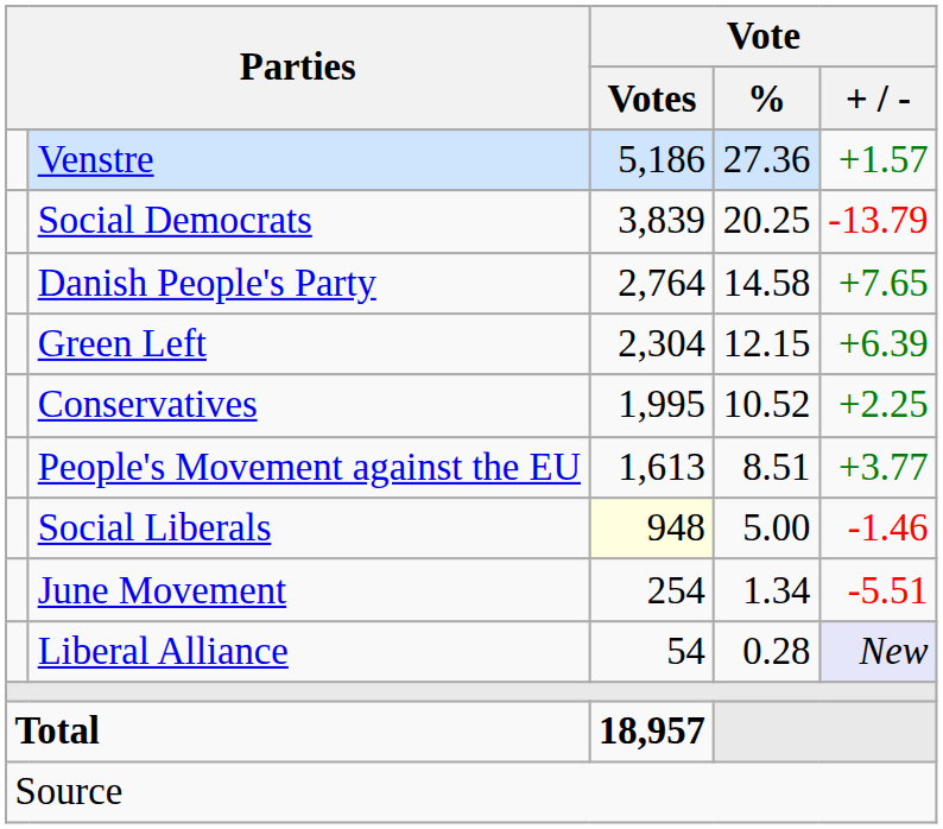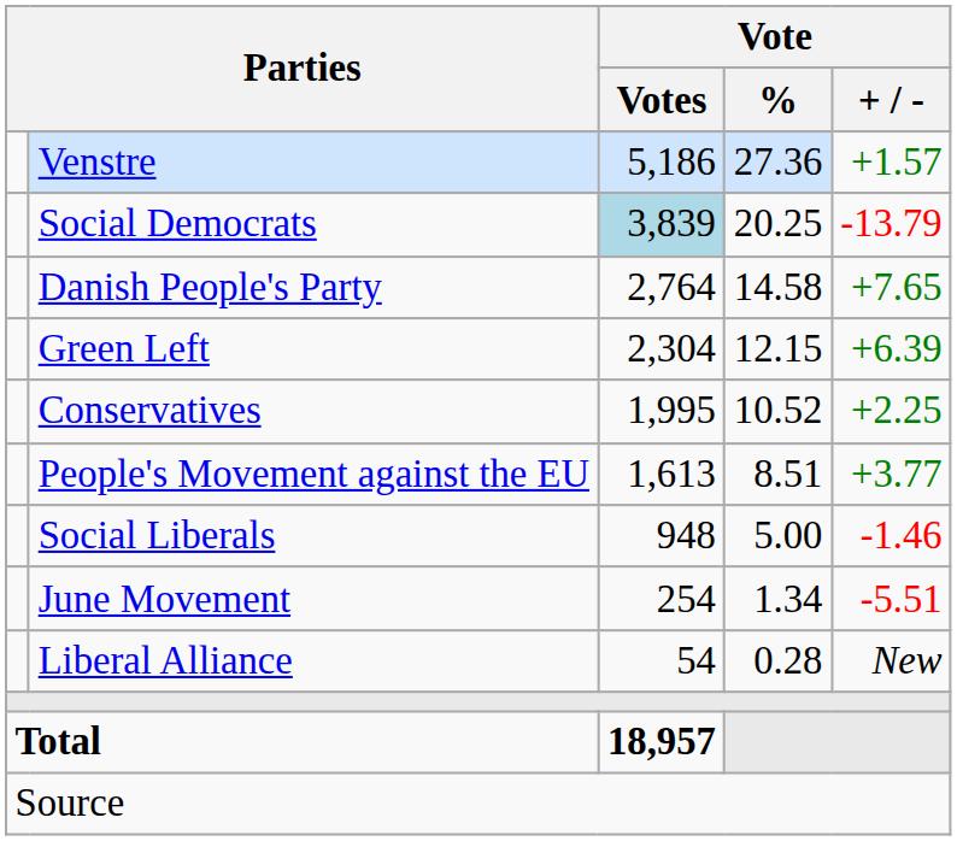 <table class="wikitable" style="text-align:right;">
 <tr>
 <th style="text-align:centre;" rowspan="2" colspan="2" width="225">Parties</th>
 <th colspan="3">Vote</th>
 </tr>
 <tr>
 <th width="15">Votes</th>
 <th width="15">%</th>
 <th width="15">+ / -</th>
 </tr>
 <tr>
 <td width="2" style="color:inherit;background:"></td>
 <td bgcolor=#cfe5fe   align="left"><a href='#'>Venstre</a></td>
 <td bgcolor=#cfe5fe>5,186</td>
 <td bgcolor=#cfe5fe>27.36</td>
 <td style=color:green;>+1.57</td>
 </tr>
 <tr>
 <td width="2" style="color:inherit;background:"></td>
 <td align="left"><a href='#'>Social Democrats</a></td>
-<td>3,839</td>
+<td style="background: lightblue;">3,839</td>
 <td>20.25</td>
 <td style=color:red;>-13.79</td>
 </tr>
 <tr>
 <td width="2" style="color:inherit;background:"></td>
 <td align="left"><a href='#'>Danish People's Party</a></td>
 <td>2,764</td>
 <td>14.58</td>
 <td style=color:green;>+7.65</td>
 </tr>
 <tr>
 <td width="2" style="color:inherit;background:"></td>
 <td align="left"><a href='#'>Green Left</a></td>
 <td>2,304</td>
 <td>12.15</td>
 <td style=color:green;>+6.39</td>
 </tr>
 <tr>
 <td width="2" style="color:inherit;background:"></td>
 <td align="left"><a href='#'>Conservatives</a></td>
 <td>1,995</td>
 <td>10.52</td>
 <td style=color:green;>+2.25</td>
 </tr>
 <tr>
 <td width="2" style="color:inherit;background:"></td>
 <td align="left"><a href='#'>People's Movement against the EU</a></td>
 <td>1,613</td>
 <td>8.51</td>
 <td style=color:green;>+3.77</td>
 </tr>
 <tr>
 <td width="2" style="color:inherit;background:"></td>
 <td align="left"><a href='#'>Social Liberals</a></td>
-<td style="background: lightyellow;">948</td>
+<td>948</td>
 <td>5.00</td>
 <td style=color:red;>-1.46</td>
 </tr>
 <tr>
 <td width="2" style="color:inherit;background:"></td>
 <td align="left"><a href='#'>June Movement</a></td>
 <td>254</td>
 <td>1.34</td>
 <td style=color:red;>-5.51</td>
 </tr>
 <tr>
 <td width="2" style="color:inherit;background:"></td>
 <td align="left"><a href='#'>Liberal Alliance</a></td>
 <td>54</td>
 <td>0.28</td>
-<td style="background: lavender;"><em>New</em></td>
+<td><em>New</em></td>
 </tr>
 <tr>
 <td colspan="7" bgcolor="#E9E9E9"></td>
 </tr>
 <tr>
 <td align="left" colspan="2"><strong>Total</strong></td>
 <td><strong>18,957</strong></td>
 <td bgcolor="#E9E9E9" colspan="2"></td>
 </tr>
 <tr>
 <td align="left" colspan="6">Source</td>
 </tr>
 </table>
